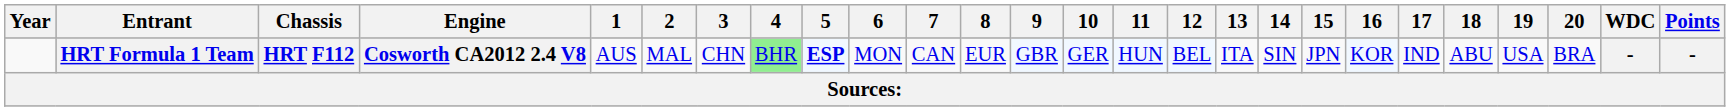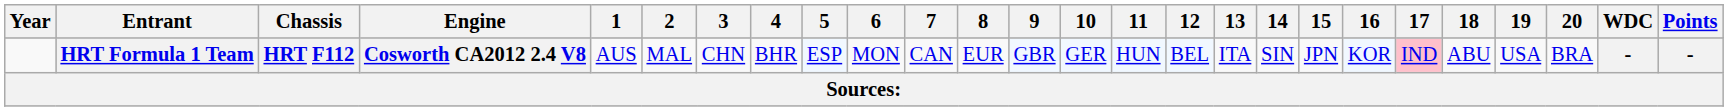 <table class="wikitable" style="font-size: 85%; text-align: center">
 <tr>
 <th>Year</th>
 <th>Entrant</th>
 <th>Chassis</th>
 <th>Engine</th>
 <th>1</th>
 <th>2</th>
 <th>3</th>
 <th>4</th>
 <th>5</th>
 <th>6</th>
 <th>7</th>
 <th>8</th>
 <th>9</th>
 <th>10</th>
 <th>11</th>
 <th>12</th>
 <th>13</th>
 <th>14</th>
 <th>15</th>
 <th>16</th>
 <th>17</th>
 <th>18</th>
 <th>19</th>
 <th>20</th>
 <th>WDC</th>
 <th><a href='#'>Points</a></th>
 </tr>
 <tr>
 <td></td>
 <th nowrap><a href='#'>HRT Formula 1 Team</a></th>
 <th nowrap><a href='#'>HRT</a> <a href='#'>F112</a></th>
 <th nowrap><a href='#'>Cosworth</a> CA2012 2.4 <a href='#'>V8</a></th>
 <td><a href='#'>AUS</a></td>
 <td><a href='#'>MAL</a></td>
 <td><a href='#'>CHN</a></td>
-<td style="background: lightgreen;"><a href='#'>BHR</a></td>
-<td style="background:#F1F8FF;"><strong><a href='#'>ESP</a><br></strong></td>
+<td><a href='#'>BHR</a></td>
+<td style="background:#F1F8FF;"><a href='#'>ESP</a><br></td>
 <td><a href='#'>MON</a></td>
 <td><a href='#'>CAN</a></td>
 <td><a href='#'>EUR</a></td>
 <td style="background:#F1F8FF;"><a href='#'>GBR</a><br></td>
 <td style="background:#F1F8FF;"><a href='#'>GER</a><br></td>
 <td style="background:#F1F8FF;"><a href='#'>HUN</a><br></td>
 <td style="background:#F1F8FF;"><a href='#'>BEL</a><br></td>
 <td><a href='#'>ITA</a></td>
 <td><a href='#'>SIN</a></td>
 <td><a href='#'>JPN</a></td>
 <td style="background:#F1F8FF;"><a href='#'>KOR</a><br></td>
-<td><a href='#'>IND</a></td>
+<td style="background: pink;"><a href='#'>IND</a></td>
 <td><a href='#'>ABU</a></td>
 <td><a href='#'>USA</a></td>
 <td><a href='#'>BRA</a></td>
 <th>-</th>
 <th>-</th>
 </tr>
 <tr>
 <th colspan="26">Sources:</th>
 </tr>
 </table>
